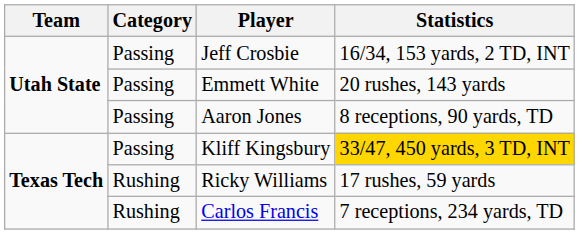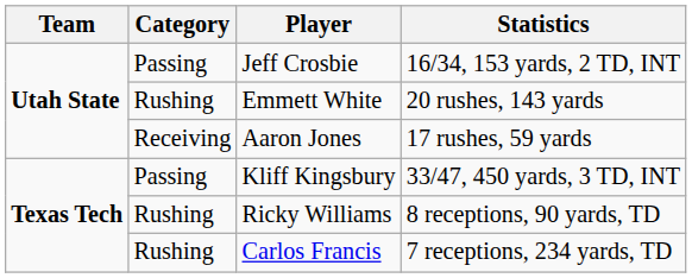 <table class="wikitable" style="float: left;">
 <tr>
 <th>Team</th>
 <th>Category</th>
 <th>Player</th>
 <th>Statistics</th>
 </tr>
 <tr>
 <td rowspan=3><strong>Utah State</strong></td>
 <td>Passing</td>
 <td>Jeff Crosbie</td>
 <td>16/34, 153 yards, 2 TD, INT</td>
 </tr>
 <tr>
-<td>Passing</td>
+<td>Rushing</td>
 <td>Emmett White</td>
 <td>20 rushes, 143 yards</td>
 </tr>
 <tr>
-<td>Passing</td>
+<td>Receiving</td>
 <td>Aaron Jones</td>
-<td>8 receptions, 90 yards, TD</td>
+<td>17 rushes, 59 yards</td>
 </tr>
 <tr>
 <td rowspan=3><strong>Texas Tech</strong></td>
 <td>Passing</td>
 <td>Kliff Kingsbury</td>
-<td style="background: gold;">33/47, 450 yards, 3 TD, INT</td>
+<td>33/47, 450 yards, 3 TD, INT</td>
 </tr>
 <tr>
 <td>Rushing</td>
 <td>Ricky Williams</td>
-<td>17 rushes, 59 yards</td>
+<td>8 receptions, 90 yards, TD</td>
 </tr>
 <tr>
 <td>Rushing</td>
 <td><a href='#'>Carlos Francis</a></td>
 <td>7 receptions, 234 yards, TD</td>
 </tr>
 </table>
